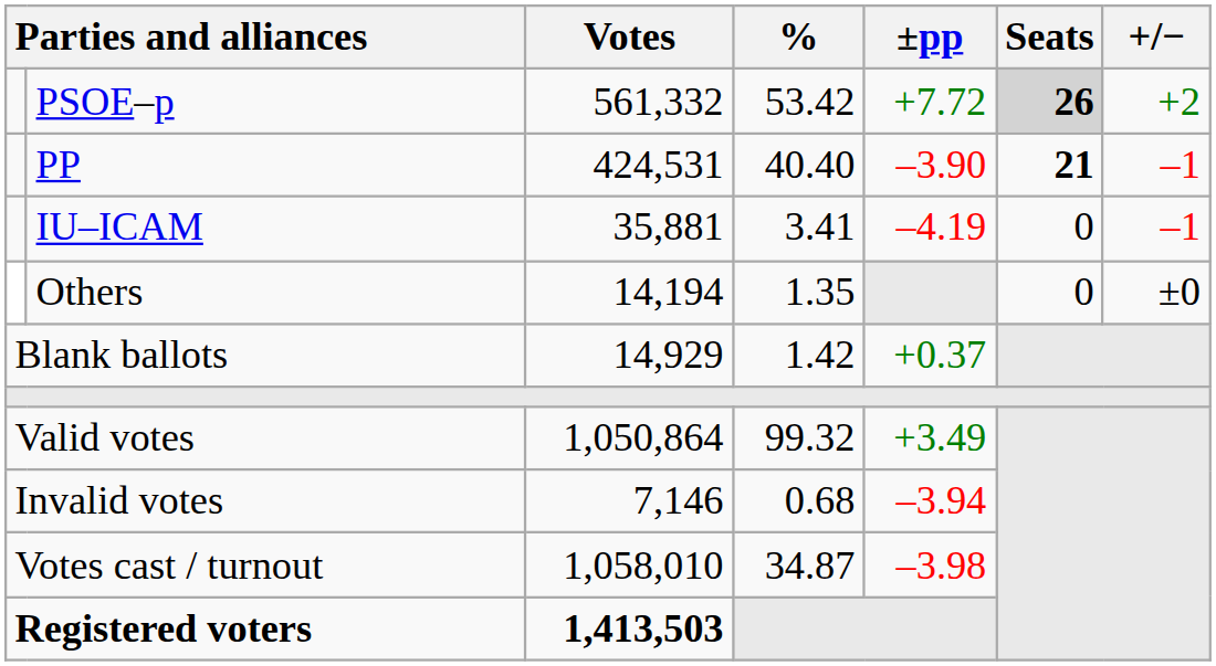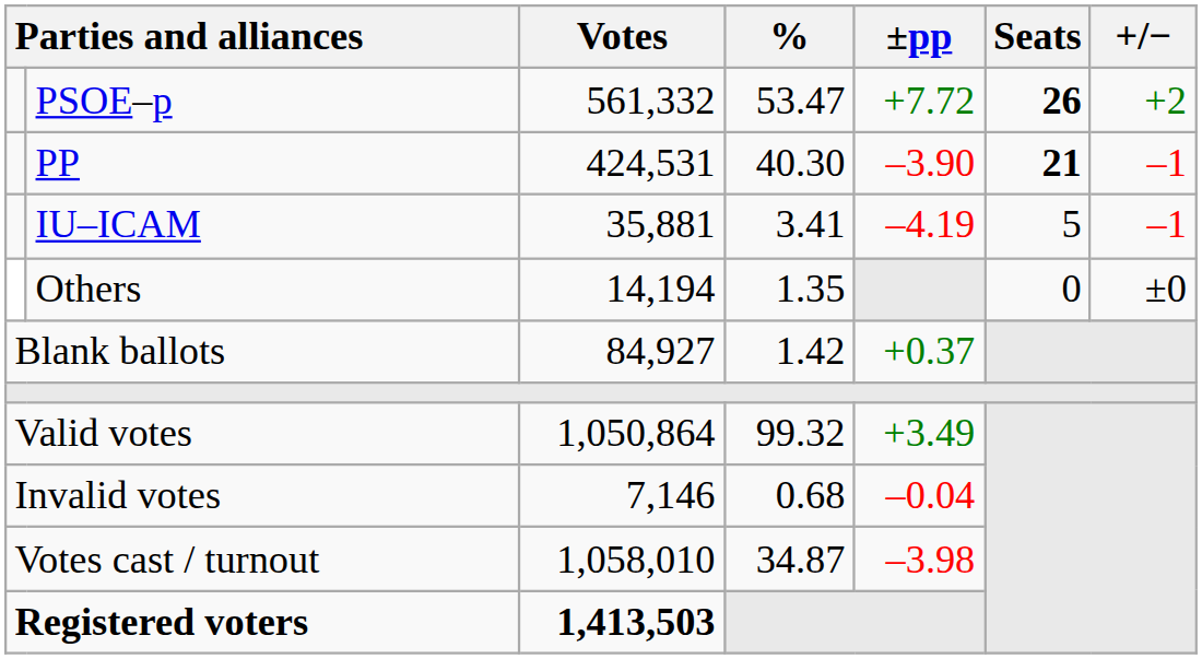 <table class="wikitable" style="text-align:right;">
 <tr>
 <th style="text-align:left;" colspan="2" width="200">Parties and alliances</th>
 <th width="75">Votes</th>
 <th width="45">%</th>
 <th width="45">±<a href='#'>pp</a></th>
 <th width="35">Seats</th>
 <th width="35">+/−</th>
 </tr>
 <tr>
 <td width="1" style="color:inherit;background:"></td>
 <td align="left"><a href='#'>PSOE</a>–<a href='#'>p</a></td>
 <td>561,332</td>
-<td>53.42</td>
+<td>53.47</td>
 <td style="color:green;">+7.72</td>
-<td style="background: lightgrey;"><strong>26</strong></td>
+<td><strong>26</strong></td>
 <td style="color:green;">+2</td>
 </tr>
 <tr>
 <td style="color:inherit;background:"></td>
 <td align="left"><a href='#'>PP</a></td>
 <td>424,531</td>
-<td>40.40</td>
+<td>40.30</td>
 <td style="color:red;">–3.90</td>
 <td><strong>21</strong></td>
 <td style="color:red;">–1</td>
 </tr>
 <tr>
 <td style="color:inherit;background:"></td>
 <td align="left"><a href='#'>IU–ICAM</a></td>
 <td>35,881</td>
 <td>3.41</td>
 <td style="color:red;">–4.19</td>
-<td>0</td>
+<td>5</td>
 <td style="color:red;">–1</td>
 </tr>
 <tr>
 <td bgcolor="white"></td>
 <td align="left">Others</td>
 <td>14,194</td>
 <td>1.35</td>
 <td bgcolor="#E9E9E9"></td>
 <td>0</td>
 <td>±0</td>
 </tr>
 <tr>
 <td align="left" colspan="2">Blank ballots</td>
-<td>14,929</td>
+<td>84,927</td>
 <td>1.42</td>
 <td style="color:green;">+0.37</td>
 <td bgcolor="#E9E9E9" colspan="2"></td>
 </tr>
 <tr>
 <td colspan="7" bgcolor="#E9E9E9"></td>
 </tr>
 <tr>
 <td align="left" colspan="2">Valid votes</td>
 <td>1,050,864</td>
 <td>99.32</td>
 <td style="color:green;">+3.49</td>
 <td bgcolor="#E9E9E9" colspan="2" rowspan="4"></td>
 </tr>
 <tr>
 <td align="left" colspan="2">Invalid votes</td>
 <td>7,146</td>
 <td>0.68</td>
-<td style="color:red;">–3.94</td>
+<td style="color:red;">–0.04</td>
 </tr>
 <tr>
 <td align="left" colspan="2">Votes cast / turnout</td>
 <td>1,058,010</td>
 <td>34.87</td>
 <td style="color:red;">–3.98</td>
 </tr>
 <tr style="font-weight:bold;">
 <td align="left" colspan="2">Registered voters</td>
 <td>1,413,503</td>
 <td bgcolor="#E9E9E9" colspan="2"></td>
 </tr>
 </table>
